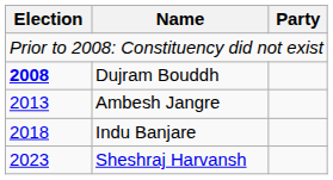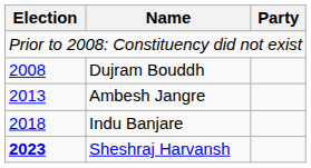 <table class="wikitable sortable">
 <tr>
 <th>Election</th>
 <th>Name</th>
 <th colspan=2>Party</th>
 </tr>
 <tr>
 <td colspan="4"><em>Prior to 2008: Constituency did not exist</em></td>
 </tr>
 <tr>
-<td><strong><a href='#'>2008</a></strong></td>
+<td><a href='#'>2008</a></td>
 <td>Dujram Bouddh</td>
 <td></td>
 </tr>
 <tr>
 <td><a href='#'>2013</a></td>
 <td>Ambesh Jangre</td>
 <td></td>
 </tr>
 <tr>
 <td><a href='#'>2018</a></td>
 <td>Indu Banjare</td>
 <td></td>
 </tr>
 <tr>
-<td><a href='#'>2023</a></td>
+<td><strong><a href='#'>2023</a></strong></td>
 <td><a href='#'>Sheshraj Harvansh</a></td>
 <td></td>
 </tr>
 </table>
